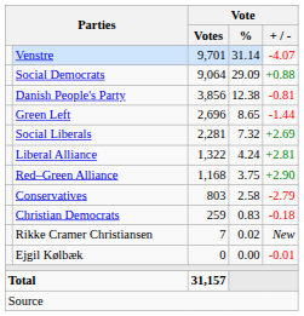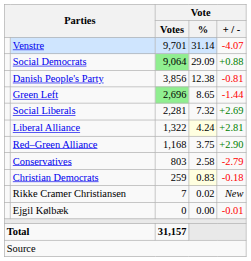 <table class="wikitable" style="text-align:right;">
 <tr>
 <th style="text-align:centre;" rowspan="2" colspan="2" width="225">Parties</th>
 <th colspan="3">Vote</th>
 </tr>
 <tr>
 <th width="15">Votes</th>
 <th width="15">%</th>
 <th width="15">+ / -</th>
 </tr>
 <tr>
 <td width="2" style="color:inherit;background:"></td>
 <td bgcolor=#cfe5fe  align="left"><a href='#'>Venstre</a></td>
 <td bgcolor=#cfe5fe>9,701</td>
 <td bgcolor=#cfe5fe>31.14</td>
 <td style=color:red;>-4.07</td>
 </tr>
 <tr>
 <td width="2" style="color:inherit;background:"></td>
 <td align="left"><a href='#'>Social Democrats</a></td>
-<td>9,064</td>
+<td style="background: lightgreen;">9,064</td>
 <td>29.09</td>
 <td style=color:green;>+0.88</td>
 </tr>
 <tr>
 <td width="2" style="color:inherit;background:"></td>
 <td align="left"><a href='#'>Danish People's Party</a></td>
 <td>3,856</td>
 <td>12.38</td>
 <td style=color:red;>-0.81</td>
 </tr>
 <tr>
 <td width="2" style="color:inherit;background:"></td>
 <td align="left"><a href='#'>Green Left</a></td>
-<td>2,696</td>
+<td style="background: lightgreen;">2,696</td>
 <td>8.65</td>
 <td style=color:red;>-1.44</td>
 </tr>
 <tr>
 <td width="2" style="color:inherit;background:"></td>
 <td align="left"><a href='#'>Social Liberals</a></td>
 <td>2,281</td>
 <td>7.32</td>
 <td style=color:green;>+2.69</td>
 </tr>
 <tr>
 <td width="2" style="color:inherit;background:"></td>
 <td align="left"><a href='#'>Liberal Alliance</a></td>
 <td>1,322</td>
-<td>4.24</td>
+<td style="background: lightyellow;">4.24</td>
 <td style=color:green;>+2.81</td>
 </tr>
 <tr>
 <td width="2" style="color:inherit;background:"></td>
 <td align="left"><a href='#'>Red–Green Alliance</a></td>
 <td>1,168</td>
 <td>3.75</td>
 <td style=color:green;>+2.90</td>
 </tr>
 <tr>
 <td width="2" style="color:inherit;background:"></td>
 <td align="left"><a href='#'>Conservatives</a></td>
 <td>803</td>
 <td>2.58</td>
 <td style=color:red;>-2.79</td>
 </tr>
 <tr>
 <td width="2" style="color:inherit;background:"></td>
 <td align="left"><a href='#'>Christian Democrats</a></td>
 <td>259</td>
-<td>0.83</td>
+<td style="background: lightyellow;">0.83</td>
 <td style=color:red;>-0.18</td>
 </tr>
 <tr>
 <td width="2" style="color:inherit;background:"></td>
 <td align="left">Rikke Cramer Christiansen</td>
 <td>7</td>
 <td>0.02</td>
 <td><em>New</em></td>
 </tr>
 <tr>
 <td width="2" style="color:inherit;background:"></td>
 <td align="left">Ejgil Kølbæk</td>
 <td>0</td>
 <td>0.00</td>
 <td style=color:red;>-0.01</td>
 </tr>
 <tr>
 <td colspan="7" bgcolor="#E9E9E9"></td>
 </tr>
 <tr>
 <td align="left" colspan="2"><strong>Total</strong></td>
 <td><strong>31,157</strong></td>
 <td bgcolor="#E9E9E9" colspan="2"></td>
 </tr>
 <tr>
 <td align="left" colspan="6">Source</td>
 </tr>
 </table>
